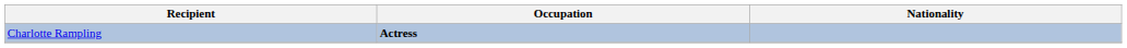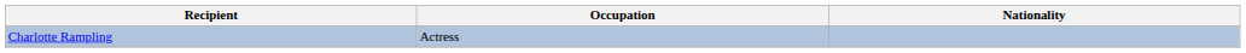 <table class="wikitable" width="95%" cellpadding="5">
 <tr>
 <th width="25%">Recipient</th>
 <th width="25%">Occupation</th>
 <th width="25%">Nationality</th>
 </tr>
 <tr style="background:#B0C4DE;">
 <td><a href='#'>Charlotte Rampling</a></td>
-<td><strong>Actress</strong></td>
+<td>Actress</td>
 <td></td>
 </tr>
 <tr>
 </tr>
 </table>
